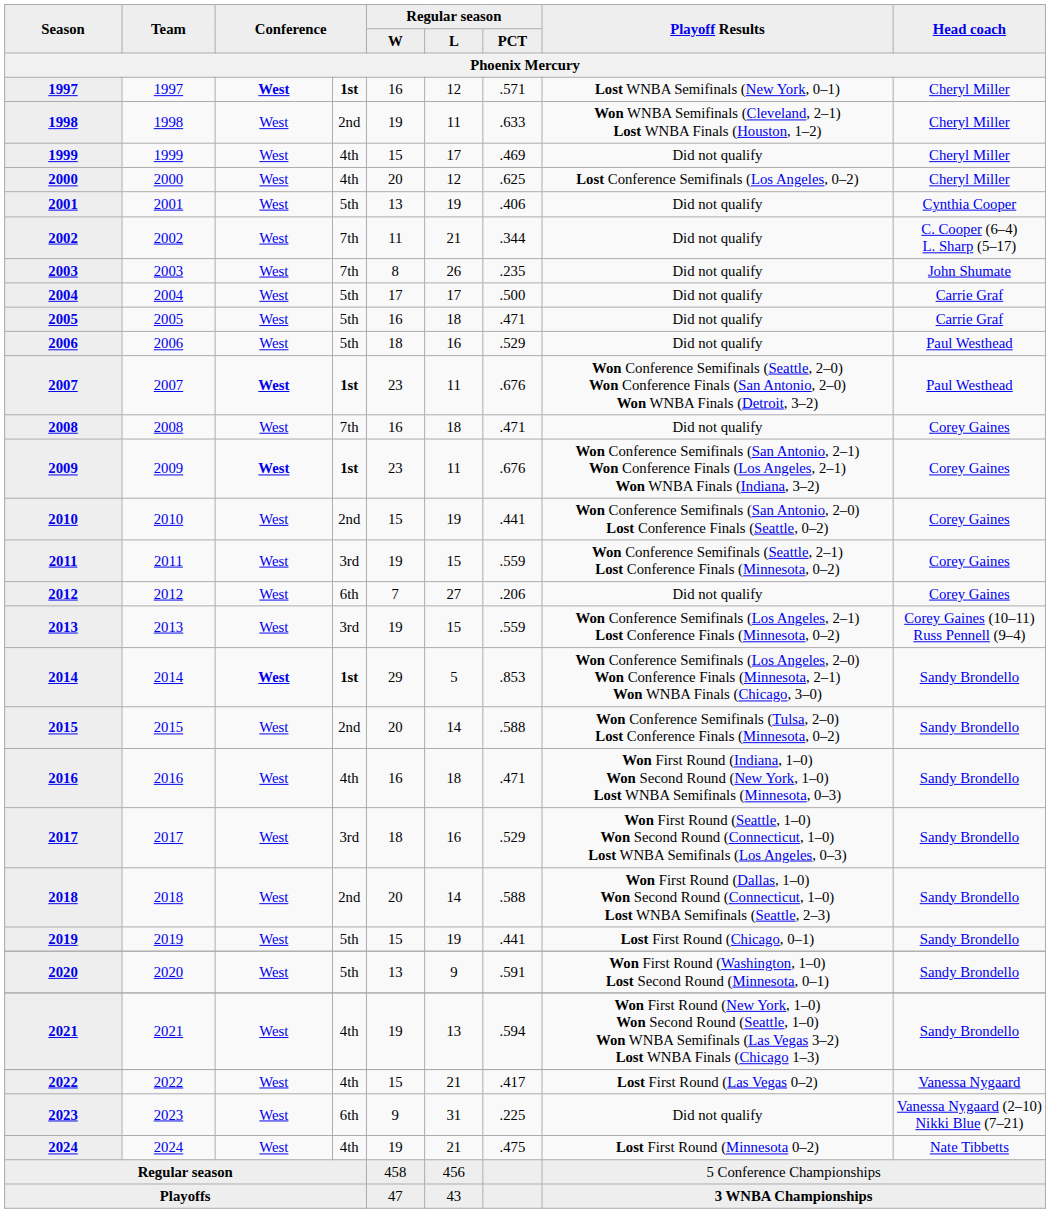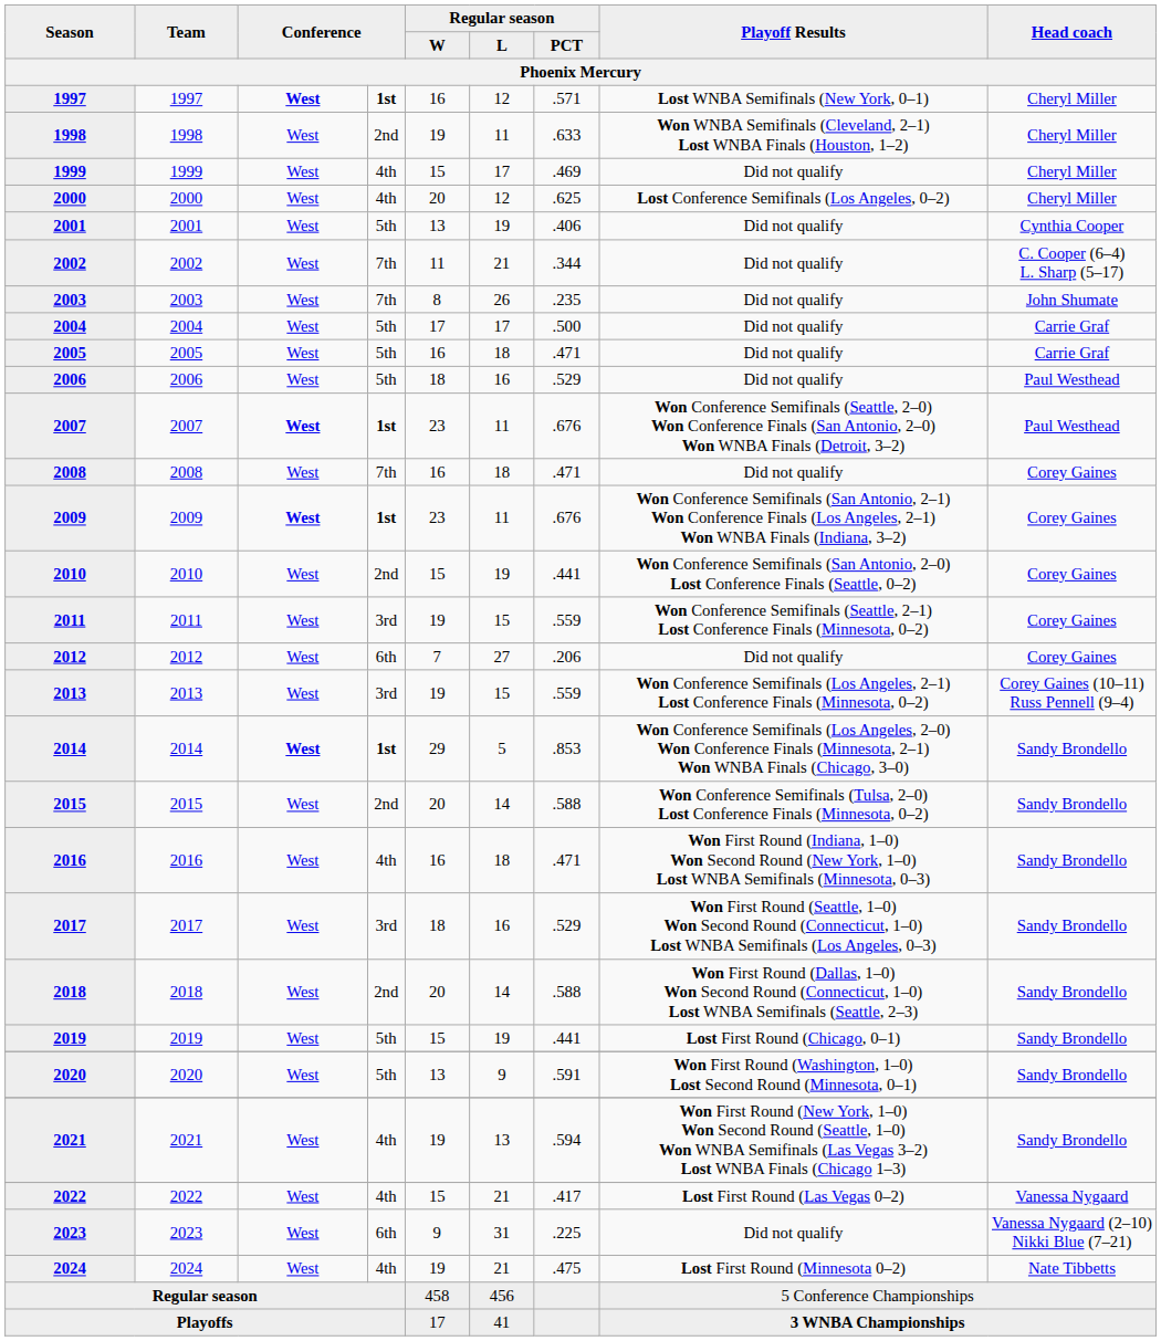 <table class="wikitable" style="font-size:95%; text-align: center; width: 85%; margin:1em auto">
 <tr>
 <th rowspan="2" style="background:#eee; width: 10%;">Season</th>
 <th rowspan="2" style="background:#eee; width: 8%;">Team</th>
 <th rowspan="2" colspan="2" style="background:#eee; width: 12%;">Conference</th>
 <th colspan="3" style="background:#eee; width: 15%;">Regular season</th>
 <th rowspan="2" style="background:#eee; width: 30%;"><a href='#'>Playoff</a> Results</th>
 <th rowspan="2" style="background:#eee; width: 13%;"><a href='#'>Head coach</a></th>
 </tr>
 <tr>
 <th style="background:#eee; width: 5%;">W</th>
 <th style="background:#eee; width: 5%;">L</th>
 <th style="background:#eee; width: 5%;">PCT</th>
 </tr>
 <tr>
 <th colspan="9" style="text-align:center; ">Phoenix Mercury</th>
 </tr>
 <tr style="text-align:center;">
 <th style="background:#eee;"><a href='#'>1997</a></th>
 <td><a href='#'>1997</a></td>
 <td style="width: 10%"><strong><a href='#'>West</a></strong></td>
 <td><strong>1st</strong></td>
 <td>16</td>
 <td>12</td>
 <td>.571</td>
 <td><strong>Lost</strong> WNBA Semifinals (<a href='#'>New York</a>, 0–1)</td>
 <td><a href='#'>Cheryl Miller</a></td>
 </tr>
 <tr style="text-align:center;">
 <th style="background:#eee;"><a href='#'>1998</a></th>
 <td><a href='#'>1998</a></td>
 <td style="width: 10%"><a href='#'>West</a></td>
 <td>2nd</td>
 <td>19</td>
 <td>11</td>
 <td>.633</td>
 <td><strong>Won</strong> WNBA Semifinals (<a href='#'>Cleveland</a>, 2–1)<br><strong>Lost</strong> WNBA Finals (<a href='#'>Houston</a>, 1–2)</td>
 <td><a href='#'>Cheryl Miller</a></td>
 </tr>
 <tr style="text-align:center;">
 <th style="background:#eee;"><a href='#'>1999</a></th>
 <td><a href='#'>1999</a></td>
 <td style="width: 10%"><a href='#'>West</a></td>
 <td>4th</td>
 <td>15</td>
 <td>17</td>
 <td>.469</td>
 <td>Did not qualify</td>
 <td><a href='#'>Cheryl Miller</a></td>
 </tr>
 <tr style="text-align:center;">
 <th style="background:#eee;"><a href='#'>2000</a></th>
 <td><a href='#'>2000</a></td>
 <td style="width: 10%"><a href='#'>West</a></td>
 <td>4th</td>
 <td>20</td>
 <td>12</td>
 <td>.625</td>
 <td><strong>Lost</strong> Conference Semifinals (<a href='#'>Los Angeles</a>, 0–2)</td>
 <td><a href='#'>Cheryl Miller</a></td>
 </tr>
 <tr style="text-align:center;">
 <th style="background:#eee;"><a href='#'>2001</a></th>
 <td><a href='#'>2001</a></td>
 <td style="width: 10%"><a href='#'>West</a></td>
 <td>5th</td>
 <td>13</td>
 <td>19</td>
 <td>.406</td>
 <td>Did not qualify</td>
 <td><a href='#'>Cynthia Cooper</a></td>
 </tr>
 <tr style="text-align:center;">
 <th style="background:#eee;"><a href='#'>2002</a></th>
 <td><a href='#'>2002</a></td>
 <td style="width: 10%"><a href='#'>West</a></td>
 <td>7th</td>
 <td>11</td>
 <td>21</td>
 <td>.344</td>
 <td>Did not qualify</td>
 <td><a href='#'>C. Cooper</a> (6–4)<br><a href='#'>L. Sharp</a> (5–17)</td>
 </tr>
 <tr style="text-align:center;">
 <th style="background:#eee;"><a href='#'>2003</a></th>
 <td><a href='#'>2003</a></td>
 <td style="width: 10%"><a href='#'>West</a></td>
 <td>7th</td>
 <td>8</td>
 <td>26</td>
 <td>.235</td>
 <td>Did not qualify</td>
 <td><a href='#'>John Shumate</a></td>
 </tr>
 <tr style="text-align:center;">
 <th style="background:#eee;"><a href='#'>2004</a></th>
 <td><a href='#'>2004</a></td>
 <td style="width: 10%"><a href='#'>West</a></td>
 <td>5th</td>
 <td>17</td>
 <td>17</td>
 <td>.500</td>
 <td>Did not qualify</td>
 <td><a href='#'>Carrie Graf</a></td>
 </tr>
 <tr style="text-align:center;">
 <th style="background:#eee;"><a href='#'>2005</a></th>
 <td><a href='#'>2005</a></td>
 <td style="width: 10%"><a href='#'>West</a></td>
 <td>5th</td>
 <td>16</td>
 <td>18</td>
 <td>.471</td>
 <td>Did not qualify</td>
 <td><a href='#'>Carrie Graf</a></td>
 </tr>
 <tr style="text-align:center;">
 <th style="background:#eee;"><a href='#'>2006</a></th>
 <td><a href='#'>2006</a></td>
 <td style="width: 10%"><a href='#'>West</a></td>
 <td>5th</td>
 <td>18</td>
 <td>16</td>
 <td>.529</td>
 <td>Did not qualify</td>
 <td><a href='#'>Paul Westhead</a></td>
 </tr>
 <tr style="text-align:center;">
 <th style="background:#eee;"><a href='#'>2007</a></th>
 <td><a href='#'>2007</a></td>
 <td style="width: 10%"><strong><a href='#'>West</a></strong></td>
 <td><strong>1st</strong></td>
 <td>23</td>
 <td>11</td>
 <td>.676</td>
 <td><strong>Won</strong> Conference Semifinals (<a href='#'>Seattle</a>, 2–0)<br><strong>Won</strong> Conference Finals (<a href='#'>San Antonio</a>, 2–0)<br><strong>Won</strong> WNBA Finals (<a href='#'>Detroit</a>, 3–2)</td>
 <td><a href='#'>Paul Westhead</a></td>
 </tr>
 <tr style="text-align:center;">
 <th style="background:#eee;"><a href='#'>2008</a></th>
 <td><a href='#'>2008</a></td>
 <td style="width: 10%"><a href='#'>West</a></td>
 <td>7th</td>
 <td>16</td>
 <td>18</td>
 <td>.471</td>
 <td>Did not qualify</td>
 <td><a href='#'>Corey Gaines</a></td>
 </tr>
 <tr style="text-align:center;">
 <th style="background:#eee;"><a href='#'>2009</a></th>
 <td><a href='#'>2009</a></td>
 <td style="width: 10%"><strong><a href='#'>West</a></strong></td>
 <td><strong>1st</strong></td>
 <td>23</td>
 <td>11</td>
 <td>.676</td>
 <td><strong>Won</strong> Conference Semifinals (<a href='#'>San Antonio</a>, 2–1)<br> <strong>Won</strong> Conference Finals (<a href='#'>Los Angeles</a>, 2–1)<br> <strong>Won</strong> WNBA Finals (<a href='#'>Indiana</a>, 3–2)</td>
 <td><a href='#'>Corey Gaines</a></td>
 </tr>
 <tr style="text-align:center;">
 <th style="background:#eee;"><a href='#'>2010</a></th>
 <td><a href='#'>2010</a></td>
 <td style="width: 10%"><a href='#'>West</a></td>
 <td>2nd</td>
 <td>15</td>
 <td>19</td>
 <td>.441</td>
 <td><strong>Won</strong> Conference Semifinals (<a href='#'>San Antonio</a>, 2–0)<br> <strong>Lost</strong> Conference Finals (<a href='#'>Seattle</a>, 0–2)</td>
 <td><a href='#'>Corey Gaines</a></td>
 </tr>
 <tr style="text-align:center;">
 <th style="background:#eee;"><a href='#'>2011</a></th>
 <td><a href='#'>2011</a></td>
 <td style="width: 10%"><a href='#'>West</a></td>
 <td>3rd</td>
 <td>19</td>
 <td>15</td>
 <td>.559</td>
 <td><strong>Won</strong> Conference Semifinals (<a href='#'>Seattle</a>, 2–1)<br> <strong>Lost</strong> Conference Finals (<a href='#'>Minnesota</a>, 0–2)</td>
 <td><a href='#'>Corey Gaines</a></td>
 </tr>
 <tr style="text-align:center;">
 <th style="background:#eee;"><a href='#'>2012</a></th>
 <td><a href='#'>2012</a></td>
 <td style="width: 10%"><a href='#'>West</a></td>
 <td>6th</td>
 <td>7</td>
 <td>27</td>
 <td>.206</td>
 <td>Did not qualify</td>
 <td><a href='#'>Corey Gaines</a></td>
 </tr>
 <tr align="center">
 <th style="background:#eee;"><a href='#'>2013</a></th>
 <td><a href='#'>2013</a></td>
 <td style="width: 10%"><a href='#'>West</a></td>
 <td>3rd</td>
 <td>19</td>
 <td>15</td>
 <td>.559</td>
 <td><strong>Won</strong> Conference Semifinals (<a href='#'>Los Angeles</a>, 2–1)<br> <strong>Lost</strong> Conference Finals (<a href='#'>Minnesota</a>, 0–2)</td>
 <td><a href='#'>Corey Gaines</a> (10–11)<br> <a href='#'>Russ Pennell</a> (9–4)</td>
 </tr>
 <tr align="center">
 <th style="background:#eee;"><a href='#'>2014</a></th>
 <td><a href='#'>2014</a></td>
 <td style="width: 10%"><strong><a href='#'>West</a></strong></td>
 <td><strong>1st</strong></td>
 <td>29</td>
 <td>5</td>
 <td>.853</td>
 <td><strong>Won</strong> Conference Semifinals (<a href='#'>Los Angeles</a>, 2–0)<br> <strong>Won</strong> Conference Finals (<a href='#'>Minnesota</a>, 2–1)<br> <strong>Won</strong> WNBA Finals (<a href='#'>Chicago</a>, 3–0)</td>
 <td><a href='#'>Sandy Brondello</a></td>
 </tr>
 <tr align="center">
 <th style="background:#eee;"><a href='#'>2015</a></th>
 <td><a href='#'>2015</a></td>
 <td style="width: 10%"><a href='#'>West</a></td>
 <td>2nd</td>
 <td>20</td>
 <td>14</td>
 <td>.588</td>
 <td><strong>Won</strong> Conference Semifinals (<a href='#'>Tulsa</a>, 2–0)<br> <strong>Lost</strong> Conference Finals (<a href='#'>Minnesota</a>, 0–2)</td>
 <td><a href='#'>Sandy Brondello</a></td>
 </tr>
 <tr align="center">
 <th style="background:#eee;"><a href='#'>2016</a></th>
 <td><a href='#'>2016</a></td>
 <td style="width: 10%"><a href='#'>West</a></td>
 <td>4th</td>
 <td>16</td>
 <td>18</td>
 <td>.471</td>
 <td><strong>Won</strong> First Round (<a href='#'>Indiana</a>, 1–0)<br> <strong>Won</strong> Second Round (<a href='#'>New York</a>, 1–0)<br> <strong>Lost</strong> WNBA Semifinals (<a href='#'>Minnesota</a>, 0–3)</td>
 <td><a href='#'>Sandy Brondello</a></td>
 </tr>
 <tr align="center">
 <th style="background:#eee;"><a href='#'>2017</a></th>
 <td><a href='#'>2017</a></td>
 <td style="width: 10%"><a href='#'>West</a></td>
 <td>3rd</td>
 <td>18</td>
 <td>16</td>
 <td>.529</td>
 <td><strong>Won</strong> First Round (<a href='#'>Seattle</a>, 1–0)<br> <strong>Won</strong> Second Round (<a href='#'>Connecticut</a>, 1–0)<br> <strong>Lost</strong> WNBA Semifinals (<a href='#'>Los Angeles</a>, 0–3)</td>
 <td><a href='#'>Sandy Brondello</a></td>
 </tr>
 <tr align="center">
 <th style="background:#eee;"><a href='#'>2018</a></th>
 <td><a href='#'>2018</a></td>
 <td style="width: 10%"><a href='#'>West</a></td>
 <td>2nd</td>
 <td>20</td>
 <td>14</td>
 <td>.588</td>
 <td><strong>Won</strong> First Round (<a href='#'>Dallas</a>, 1–0)<br> <strong>Won</strong> Second Round (<a href='#'>Connecticut</a>, 1–0)<br> <strong>Lost</strong> WNBA Semifinals (<a href='#'>Seattle</a>, 2–3)</td>
 <td><a href='#'>Sandy Brondello</a></td>
 </tr>
 <tr align="center">
 <th style="background:#eee;"><a href='#'>2019</a></th>
 <td><a href='#'>2019</a></td>
 <td style="width: 10%"><a href='#'>West</a></td>
 <td>5th</td>
 <td>15</td>
 <td>19</td>
 <td>.441</td>
 <td><strong>Lost</strong> First Round (<a href='#'>Chicago</a>, 0–1)</td>
 <td><a href='#'>Sandy Brondello</a></td>
 </tr>
 <tr>
 </tr>
 <tr align="center">
 <th style="background:#eee;"><a href='#'>2020</a></th>
 <td><a href='#'>2020</a></td>
 <td style="width: 10%"><a href='#'>West</a></td>
 <td>5th</td>
 <td>13</td>
 <td>9</td>
 <td>.591</td>
 <td><strong>Won</strong> First Round (<a href='#'>Washington</a>, 1–0)<br> <strong>Lost</strong> Second Round (<a href='#'>Minnesota</a>, 0–1)</td>
 <td><a href='#'>Sandy Brondello</a></td>
 </tr>
 <tr>
 </tr>
 <tr align="center">
 <th style="background:#eee;"><a href='#'>2021</a></th>
 <td><a href='#'>2021</a></td>
 <td style="width: 10%"><a href='#'>West</a></td>
 <td>4th</td>
 <td>19</td>
 <td>13</td>
 <td>.594</td>
 <td><strong>Won</strong> First Round (<a href='#'>New York</a>, 1–0)<br><strong>Won</strong> Second Round (<a href='#'>Seattle</a>, 1–0)<br><strong>Won</strong> WNBA Semifinals (<a href='#'>Las Vegas</a> 3–2)<br><strong>Lost</strong> WNBA Finals (<a href='#'>Chicago</a> 1–3)</td>
 <td><a href='#'>Sandy Brondello</a></td>
 </tr>
 <tr>
 </tr>
 <tr align="center">
 <th style="background:#eee;"><a href='#'>2022</a></th>
 <td><a href='#'>2022</a></td>
 <td style="width: 10%"><a href='#'>West</a></td>
 <td>4th</td>
 <td>15</td>
 <td>21</td>
 <td>.417</td>
 <td><strong>Lost</strong> First Round (<a href='#'>Las Vegas</a> 0–2)</td>
 <td><a href='#'>Vanessa Nygaard</a></td>
 </tr>
 <tr style="text-align:center;">
 <th style="background:#eee;"><a href='#'>2023</a></th>
 <td><a href='#'>2023</a></td>
 <td style="width: 10%"><a href='#'>West</a></td>
 <td>6th</td>
 <td>9</td>
 <td>31</td>
 <td>.225</td>
 <td>Did not qualify</td>
 <td><a href='#'>Vanessa Nygaard</a> (2–10)<br><a href='#'>Nikki Blue</a> (7–21)</td>
 </tr>
 <tr style="text-align:center;">
 <th style="background:#eee;"><a href='#'>2024</a></th>
 <td><a href='#'>2024</a></td>
 <td style="width: 10%"><a href='#'>West</a></td>
 <td>4th</td>
 <td>19</td>
 <td>21</td>
 <td>.475</td>
 <td><strong>Lost</strong> First Round (<a href='#'>Minnesota</a> 0–2)</td>
 <td><a href='#'>Nate Tibbetts</a></td>
 </tr>
 <tr>
 <th colspan="4" style="background:#eee;">Regular season</th>
 <td style="background:#eee;">458</td>
 <td style="background:#eee;">456</td>
 <td style="background:#eee;"></td>
 <td colspan="2" style="background:#eee;">5 Conference Championships</td>
 </tr>
 <tr>
 <th colspan="4" style="background:#eee;">Playoffs</th>
-<td style="background:#eee;">47</td>
-<td style="background:#eee;">43</td>
+<td style="background:#eee;">17</td>
+<td style="background:#eee;">41</td>
 <td style="background:#eee;"></td>
 <td colspan="2" style="background:#eee;"><strong>3 WNBA Championships</strong></td>
 </tr>
 </table>
